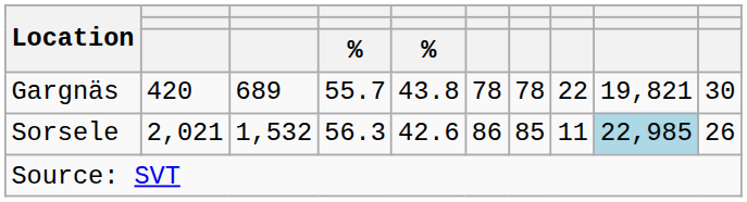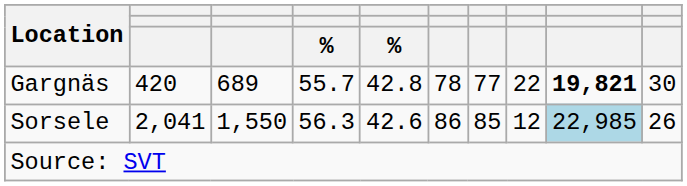 <table role="presentation" class="wikitable sortable mw-collapsible">
 <tr>
 <th rowspan="3">Location</th>
 <th></th>
 <th></th>
 <th></th>
 <th></th>
 <th></th>
 <th></th>
 <th></th>
 <th></th>
 <th></th>
 </tr>
 <tr>
 <th></th>
 <th></th>
 <th style="background:"></th>
 <th style="background:"></th>
 <th></th>
 <th></th>
 <th></th>
 <th></th>
 <th></th>
 </tr>
 <tr>
 <th data-sort-type="number"></th>
 <th data-sort-type="number"></th>
 <th data-sort-type="number">%</th>
 <th data-sort-type="number">%</th>
 <th data-sort-type="number"></th>
 <th data-sort-type="number"></th>
 <th data-sort-type="number"></th>
 <th data-sort-type="number"></th>
 <th data-sort-type="number"></th>
 </tr>
 <tr>
 <td align="left">Gargnäs</td>
 <td>420</td>
 <td>689</td>
 <td>55.7</td>
-<td>43.8</td>
+<td>42.8</td>
 <td>78</td>
-<td>78</td>
+<td>77</td>
 <td>22</td>
-<td>19,821</td>
+<td><strong>19,821</strong></td>
 <td>30</td>
 </tr>
 <tr>
 <td align="left">Sorsele</td>
-<td>2,021</td>
-<td>1,532</td>
+<td>2,041</td>
+<td>1,550</td>
 <td>56.3</td>
 <td>42.6</td>
 <td>86</td>
 <td>85</td>
-<td>11</td>
+<td>12</td>
 <td style="background: lightblue;">22,985</td>
 <td>26</td>
 </tr>
 <tr>
 <td colspan="10" align="left">Source: <a href='#'>SVT</a></td>
 </tr>
 </table>
